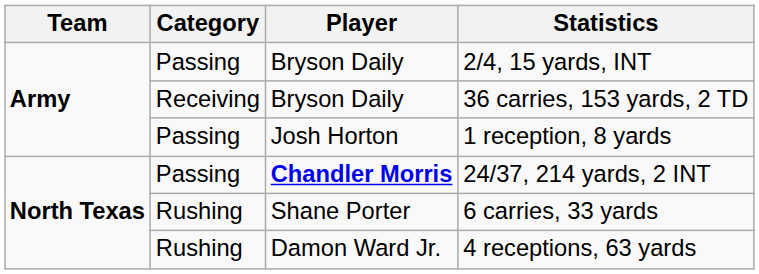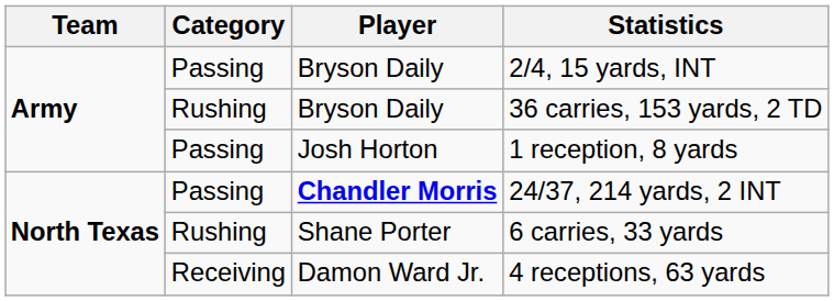 <table class="wikitable" style="float: right;">
 <tr>
 <th>Team</th>
 <th>Category</th>
 <th>Player</th>
 <th>Statistics</th>
 </tr>
 <tr>
 <td rowspan=3><strong>Army</strong></td>
 <td>Passing</td>
 <td>Bryson Daily</td>
 <td>2/4, 15 yards, INT</td>
 </tr>
 <tr>
-<td>Receiving</td>
+<td>Rushing</td>
 <td>Bryson Daily</td>
 <td>36 carries, 153 yards, 2 TD</td>
 </tr>
 <tr>
 <td>Passing</td>
 <td>Josh Horton</td>
 <td>1 reception, 8 yards</td>
 </tr>
 <tr>
 <td rowspan=3><strong>North Texas</strong></td>
 <td>Passing</td>
 <td><strong><a href='#'>Chandler Morris</a></strong></td>
 <td>24/37, 214 yards, 2 INT</td>
 </tr>
 <tr>
 <td>Rushing</td>
 <td>Shane Porter</td>
 <td>6 carries, 33 yards</td>
 </tr>
 <tr>
-<td>Rushing</td>
+<td>Receiving</td>
 <td>Damon Ward Jr.</td>
 <td>4 receptions, 63 yards</td>
 </tr>
 </table>
